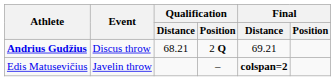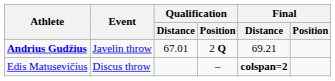 <table class=wikitable style="font-size:90%">
 <tr>
 <th rowspan="2">Athlete</th>
 <th rowspan="2">Event</th>
 <th colspan="2">Qualification</th>
 <th colspan="2">Final</th>
 </tr>
 <tr style="font-size:95%">
 <th>Distance</th>
 <th>Position</th>
 <th>Distance</th>
 <th>Position</th>
 </tr>
 <tr style=text-align:center>
 <td style=text-align:left><strong><a href='#'>Andrius Gudžius</a></strong></td>
-<td style=text-align:left><a href='#'>Discus throw</a></td>
-<td>68.21</td>
+<td style=text-align:left><a href='#'>Javelin throw</a></td>
+<td>67.01</td>
 <td>2 <strong>Q</strong></td>
 <td>69.21 <strong></strong></td>
 <td></td>
 </tr>
 <tr style=text-align:center>
 <td style=text-align:left><a href='#'>Edis Matusevičius</a></td>
-<td style=text-align:left><a href='#'>Javelin throw</a></td>
+<td style=text-align:left><a href='#'>Discus throw</a></td>
 <td></td>
 <td>–</td>
 <td><strong>colspan=2 </strong></td>
 </tr>
 </table>
